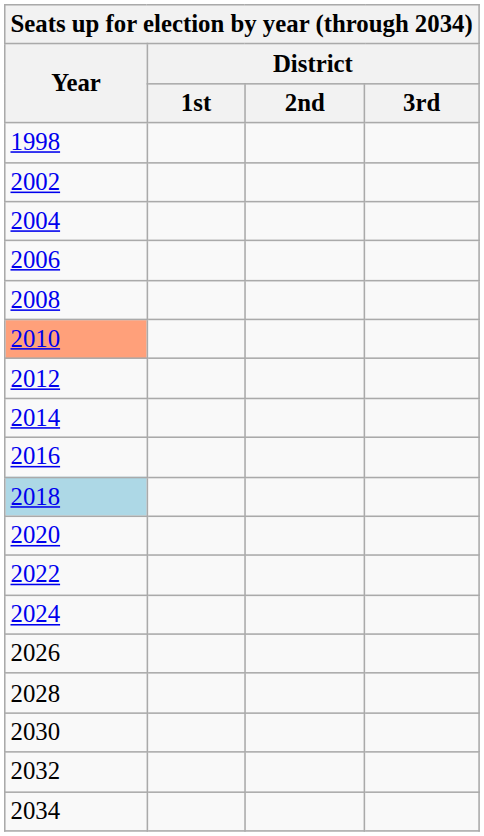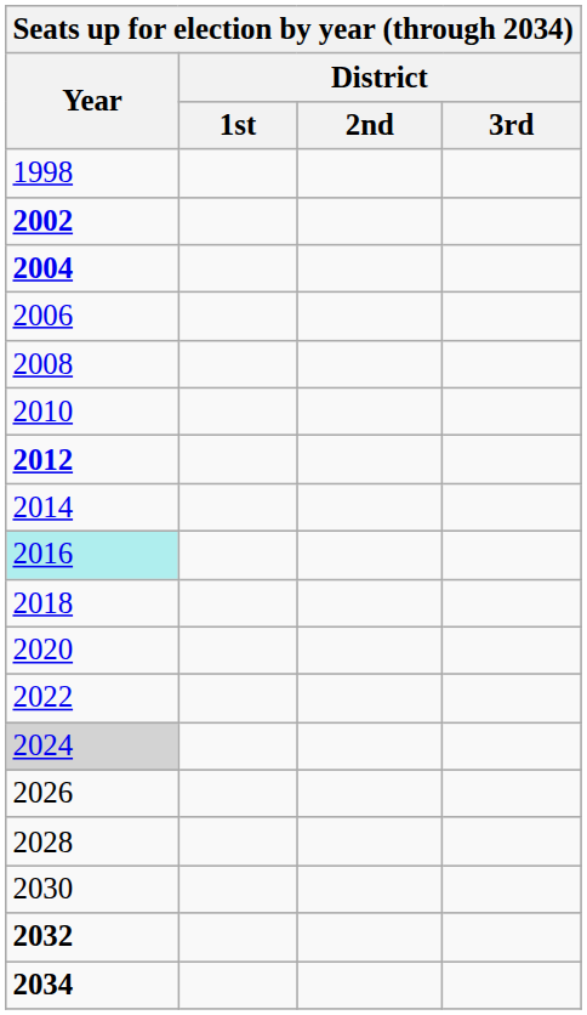 <table class="wikitable">
 <tr>
 <th colspan=4>Seats up for election by year (through 2034)</th>
 </tr>
 <tr>
 <th rowspan=2>Year</th>
 <th colspan=3>District</th>
 </tr>
 <tr>
 <th>1st</th>
 <th>2nd</th>
 <th>3rd</th>
 </tr>
 <tr>
 <td><a href='#'>1998</a></td>
 <td></td>
 <td></td>
 <td></td>
 </tr>
 <tr>
-<td><a href='#'>2002</a></td>
+<td><strong><a href='#'>2002</a></strong></td>
 <td></td>
 <td></td>
 <td></td>
 </tr>
 <tr>
-<td><a href='#'>2004</a></td>
+<td><strong><a href='#'>2004</a></strong></td>
 <td></td>
 <td></td>
 <td></td>
 </tr>
 <tr>
 <td><a href='#'>2006</a></td>
 <td></td>
 <td></td>
 <td></td>
 </tr>
 <tr>
 <td><a href='#'>2008</a></td>
 <td></td>
 <td></td>
 <td></td>
 </tr>
 <tr>
-<td style="background: lightsalmon;"><a href='#'>2010</a></td>
+<td><a href='#'>2010</a></td>
 <td></td>
 <td></td>
 <td></td>
 </tr>
 <tr>
-<td><a href='#'>2012</a></td>
+<td><strong><a href='#'>2012</a></strong></td>
 <td></td>
 <td></td>
 <td></td>
 </tr>
 <tr>
 <td><a href='#'>2014</a></td>
 <td></td>
 <td></td>
 <td></td>
 </tr>
 <tr>
-<td><a href='#'>2016</a></td>
+<td style="background: paleturquoise;"><a href='#'>2016</a></td>
 <td></td>
 <td></td>
 <td></td>
 </tr>
 <tr>
-<td style="background: lightblue;"><a href='#'>2018</a></td>
+<td><a href='#'>2018</a></td>
 <td></td>
 <td></td>
 <td></td>
 </tr>
 <tr>
 <td><a href='#'>2020</a></td>
 <td></td>
 <td></td>
 <td></td>
 </tr>
 <tr>
 <td><a href='#'>2022</a></td>
 <td></td>
 <td></td>
 <td></td>
 </tr>
 <tr>
-<td><a href='#'>2024</a></td>
+<td style="background: lightgrey;"><a href='#'>2024</a></td>
 <td></td>
 <td></td>
 <td></td>
 </tr>
 <tr>
 <td>2026</td>
 <td></td>
 <td></td>
 <td></td>
 </tr>
 <tr>
 <td>2028</td>
 <td></td>
 <td></td>
 <td></td>
 </tr>
 <tr>
 <td>2030</td>
 <td></td>
 <td></td>
 <td></td>
 </tr>
 <tr>
-<td>2032</td>
+<td><strong>2032</strong></td>
 <td></td>
 <td></td>
 <td></td>
 </tr>
 <tr>
-<td>2034</td>
+<td><strong>2034</strong></td>
 <td></td>
 <td></td>
 <td></td>
 </tr>
 </table>
